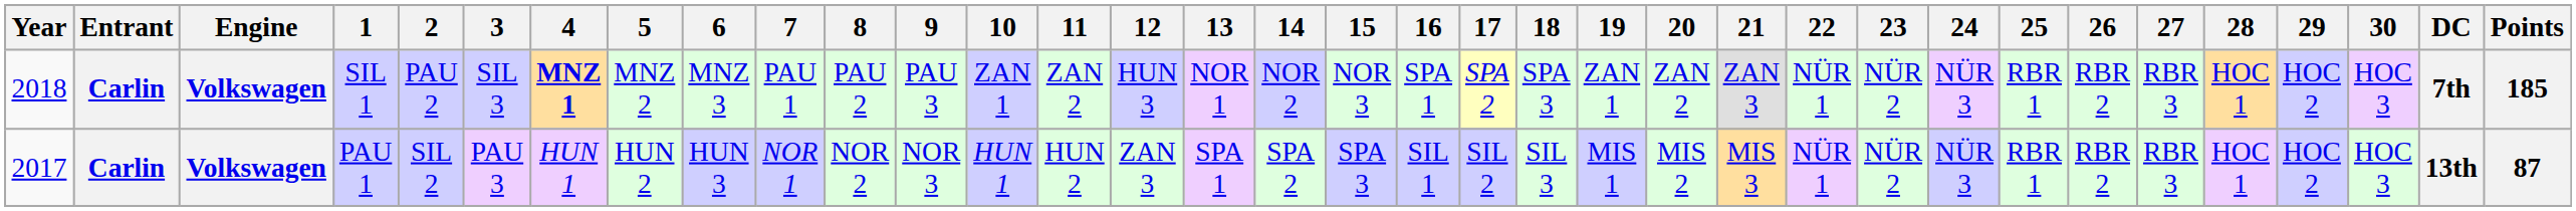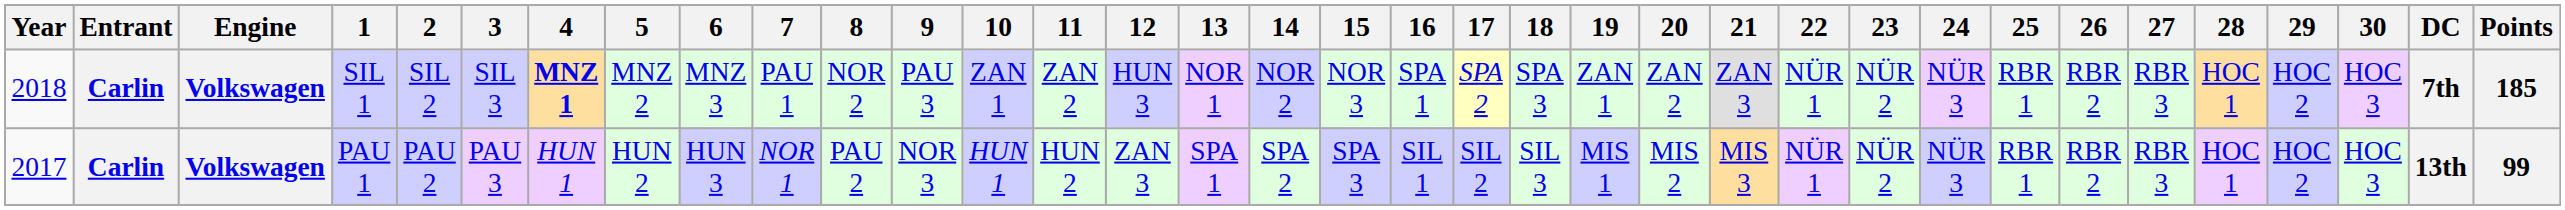 <table class="wikitable" style="text-align:center; font-size:85%">
 <tr>
 <th>Year</th>
 <th>Entrant</th>
 <th>Engine</th>
 <th>1</th>
 <th>2</th>
 <th>3</th>
 <th>4</th>
 <th>5</th>
 <th>6</th>
 <th>7</th>
 <th>8</th>
 <th>9</th>
 <th>10</th>
 <th>11</th>
 <th>12</th>
 <th>13</th>
 <th>14</th>
 <th>15</th>
 <th>16</th>
 <th>17</th>
 <th>18</th>
 <th>19</th>
 <th>20</th>
 <th>21</th>
 <th>22</th>
 <th>23</th>
 <th>24</th>
 <th>25</th>
 <th>26</th>
 <th>27</th>
 <th>28</th>
 <th>29</th>
 <th>30</th>
 <th>DC</th>
 <th>Points</th>
 </tr>
 <tr>
 <td><a href='#'>2018</a></td>
 <th><a href='#'>Carlin</a></th>
 <th><a href='#'>Volkswagen</a></th>
 <td style="background:#CFCFFF;"><a href='#'>SIL<br>1</a><br></td>
-<td style="background:#CFCFFF;"><a href='#'>PAU<br>2</a><br></td>
+<td style="background:#CFCFFF;"><a href='#'>SIL<br>2</a><br></td>
 <td style="background:#CFCFFF;"><a href='#'>SIL<br>3</a><br></td>
 <td style="background:#FFDF9F;"><strong><a href='#'>MNZ<br>1</a><br></strong></td>
 <td style="background:#DFFFDF;"><a href='#'>MNZ<br>2</a><br></td>
 <td style="background:#DFFFDF;"><a href='#'>MNZ<br>3</a><br></td>
 <td style="background:#DFFFDF;"><a href='#'>PAU<br>1</a><br></td>
-<td style="background:#DFFFDF;"><a href='#'>PAU<br>2</a><br></td>
+<td style="background:#DFFFDF;"><a href='#'>NOR<br>2</a><br></td>
 <td style="background:#DFFFDF;"><a href='#'>PAU<br>3</a><br></td>
 <td style="background:#CFCFFF;"><a href='#'>ZAN<br>1</a><br></td>
 <td style="background:#DFFFDF;"><a href='#'>ZAN<br>2</a><br></td>
 <td style="background:#CFCFFF;"><a href='#'>HUN<br>3</a><br></td>
 <td style="background:#EFCFFF;"><a href='#'>NOR<br>1</a><br></td>
 <td style="background:#CFCFFF;"><a href='#'>NOR<br>2</a><br></td>
 <td style="background:#DFFFDF;"><a href='#'>NOR<br>3</a><br></td>
 <td style="background:#DFFFDF;"><a href='#'>SPA<br>1</a><br></td>
 <td style="background:#FFFFBF;"><em><a href='#'>SPA<br>2</a></em><br></td>
 <td style="background:#DFFFDF;"><a href='#'>SPA<br>3</a><br></td>
 <td style="background:#DFFFDF;"><a href='#'>ZAN<br>1</a><br></td>
 <td style="background:#DFFFDF;"><a href='#'>ZAN<br>2</a><br></td>
 <td style="background:#DFDFDF;"><a href='#'>ZAN<br>3</a><br></td>
 <td style="background:#DFFFDF;"><a href='#'>NÜR<br>1</a><br></td>
 <td style="background:#DFFFDF;"><a href='#'>NÜR<br>2</a><br></td>
 <td style="background:#EFCFFF;"><a href='#'>NÜR<br>3</a><br></td>
 <td style="background:#DFFFDF;"><a href='#'>RBR<br>1</a><br></td>
 <td style="background:#DFFFDF;"><a href='#'>RBR<br>2</a><br></td>
 <td style="background:#DFFFDF;"><a href='#'>RBR<br>3</a><br></td>
 <td style="background:#FFDF9F;"><a href='#'>HOC<br>1</a><br></td>
 <td style="background:#CFCFFF;"><a href='#'>HOC<br>2</a><br></td>
 <td style="background:#EFCFFF;"><a href='#'>HOC<br>3</a><br></td>
 <th>7th</th>
 <th>185</th>
 </tr>
 <tr>
 <td><a href='#'>2017</a></td>
 <th><a href='#'>Carlin</a></th>
 <th><a href='#'>Volkswagen</a></th>
 <td style="background:#CFCFFF;"><a href='#'>PAU<br>1</a><br></td>
-<td style="background:#CFCFFF;"><a href='#'>SIL<br>2</a><br></td>
+<td style="background:#CFCFFF;"><a href='#'>PAU<br>2</a><br></td>
 <td style="background:#EFCFFF;"><a href='#'>PAU<br>3</a><br></td>
 <td style="background:#EFCFFF;"><em><a href='#'>HUN<br>1</a></em><br></td>
 <td style="background:#DFFFDF;"><a href='#'>HUN<br>2</a><br></td>
 <td style="background:#CFCFFF;"><a href='#'>HUN<br>3</a><br></td>
 <td style="background:#CFCFFF;"><em><a href='#'>NOR<br>1</a></em><br></td>
-<td style="background:#DFFFDF;"><a href='#'>NOR<br>2</a><br></td>
+<td style="background:#DFFFDF;"><a href='#'>PAU<br>2</a><br></td>
 <td style="background:#DFFFDF;"><a href='#'>NOR<br>3</a><br></td>
 <td style="background:#CFCFFF;"><em><a href='#'>HUN<br>1</a></em><br></td>
 <td style="background:#DFFFDF;"><a href='#'>HUN<br>2</a><br></td>
 <td style="background:#DFFFDF;"><a href='#'>ZAN<br>3</a><br></td>
 <td style="background:#EFCFFF;"><a href='#'>SPA<br>1</a><br></td>
 <td style="background:#DFFFDF;"><a href='#'>SPA<br>2</a><br></td>
 <td style="background:#CFCFFF;"><a href='#'>SPA<br>3</a><br></td>
 <td style="background:#CFCFFF;"><a href='#'>SIL<br>1</a><br></td>
 <td style="background:#CFCFFF;"><a href='#'>SIL<br>2</a><br></td>
 <td style="background:#DFFFDF;"><a href='#'>SIL<br>3</a><br></td>
 <td style="background:#CFCFFF;"><a href='#'>MIS<br>1</a><br></td>
 <td style="background:#DFFFDF;"><a href='#'>MIS<br>2</a><br></td>
 <td style="background:#FFDF9F;"><a href='#'>MIS<br>3</a><br></td>
 <td style="background:#EFCFFF;"><a href='#'>NÜR<br>1</a><br></td>
 <td style="background:#DFFFDF;"><a href='#'>NÜR<br>2</a><br></td>
 <td style="background:#CFCFFF;"><a href='#'>NÜR<br>3</a><br></td>
 <td style="background:#DFFFDF;"><a href='#'>RBR<br>1</a><br></td>
 <td style="background:#DFFFDF;"><a href='#'>RBR<br>2</a><br></td>
 <td style="background:#DFFFDF;"><a href='#'>RBR<br>3</a><br></td>
 <td style="background:#EFCFFF;"><a href='#'>HOC<br>1</a><br></td>
 <td style="background:#CFCFFF;"><a href='#'>HOC<br>2</a><br></td>
 <td style="background:#DFFFDF;"><a href='#'>HOC<br>3</a><br></td>
 <th>13th</th>
-<th>87</th>
+<th>99</th>
 </tr>
 </table>
